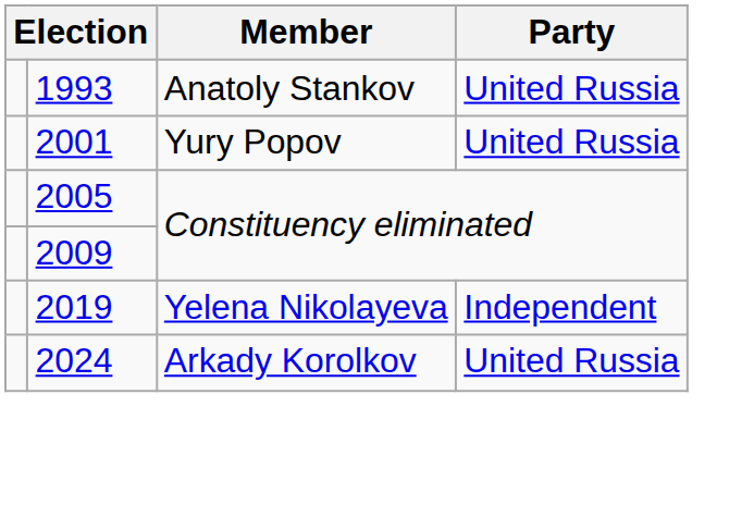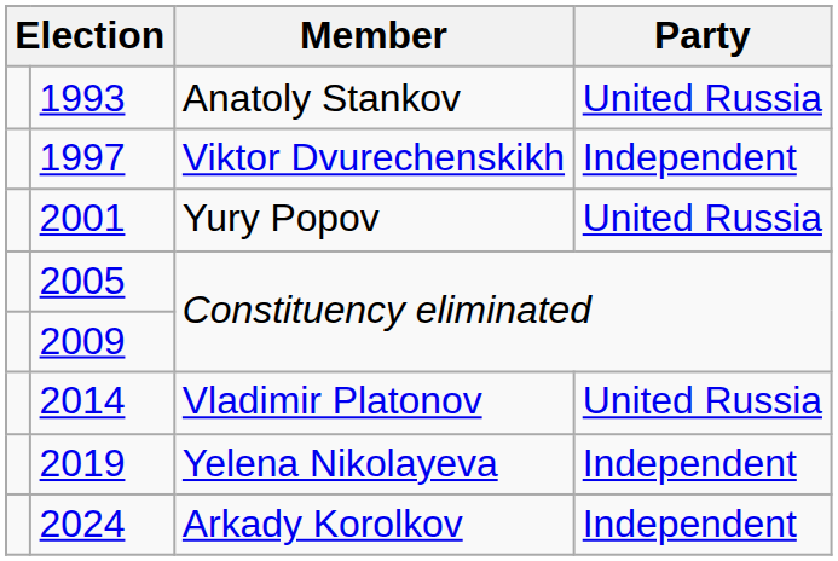 <table class="wikitable">
 <tr>
 <th colspan="2">Election</th>
 <th>Member</th>
 <th>Party</th>
 </tr>
 <tr>
 <td style="background-color:"></td>
 <td><a href='#'>1993</a></td>
 <td>Anatoly Stankov</td>
 <td><a href='#'>United Russia</a></td>
+</tr>
+<tr>
+<td style="background-color:"></td>
+<td><a href='#'>1997</a></td>
+<td><a href='#'>Viktor Dvurechenskikh</a></td>
+<td><a href='#'>Independent</a></td>
 </tr>
 <tr>
 <td style="background-color:"></td>
 <td><a href='#'>2001</a></td>
 <td>Yury Popov</td>
 <td><a href='#'>United Russia</a></td>
 </tr>
 <tr>
 <td style="background-color:"></td>
 <td><a href='#'>2005</a></td>
 <td colspan=2 rowspan=2><em>Constituency eliminated</em></td>
 </tr>
 <tr>
 <td style="background-color:"></td>
 <td><a href='#'>2009</a></td>
 </tr>
 <tr>
 <td style="background-color:"></td>
+<td><a href='#'>2014</a></td>
+<td><a href='#'>Vladimir Platonov</a></td>
+<td><a href='#'>United Russia</a></td>
+</tr>
+<tr>
+<td style="background-color:"></td>
 <td><a href='#'>2019</a></td>
 <td><a href='#'>Yelena Nikolayeva</a></td>
 <td><a href='#'>Independent</a></td>
 </tr>
 <tr>
 <td style="background-color:"></td>
 <td><a href='#'>2024</a></td>
 <td><a href='#'>Arkady Korolkov</a></td>
-<td><a href='#'>United Russia</a></td>
+<td><a href='#'>Independent</a></td>
 </tr>
 </table>
